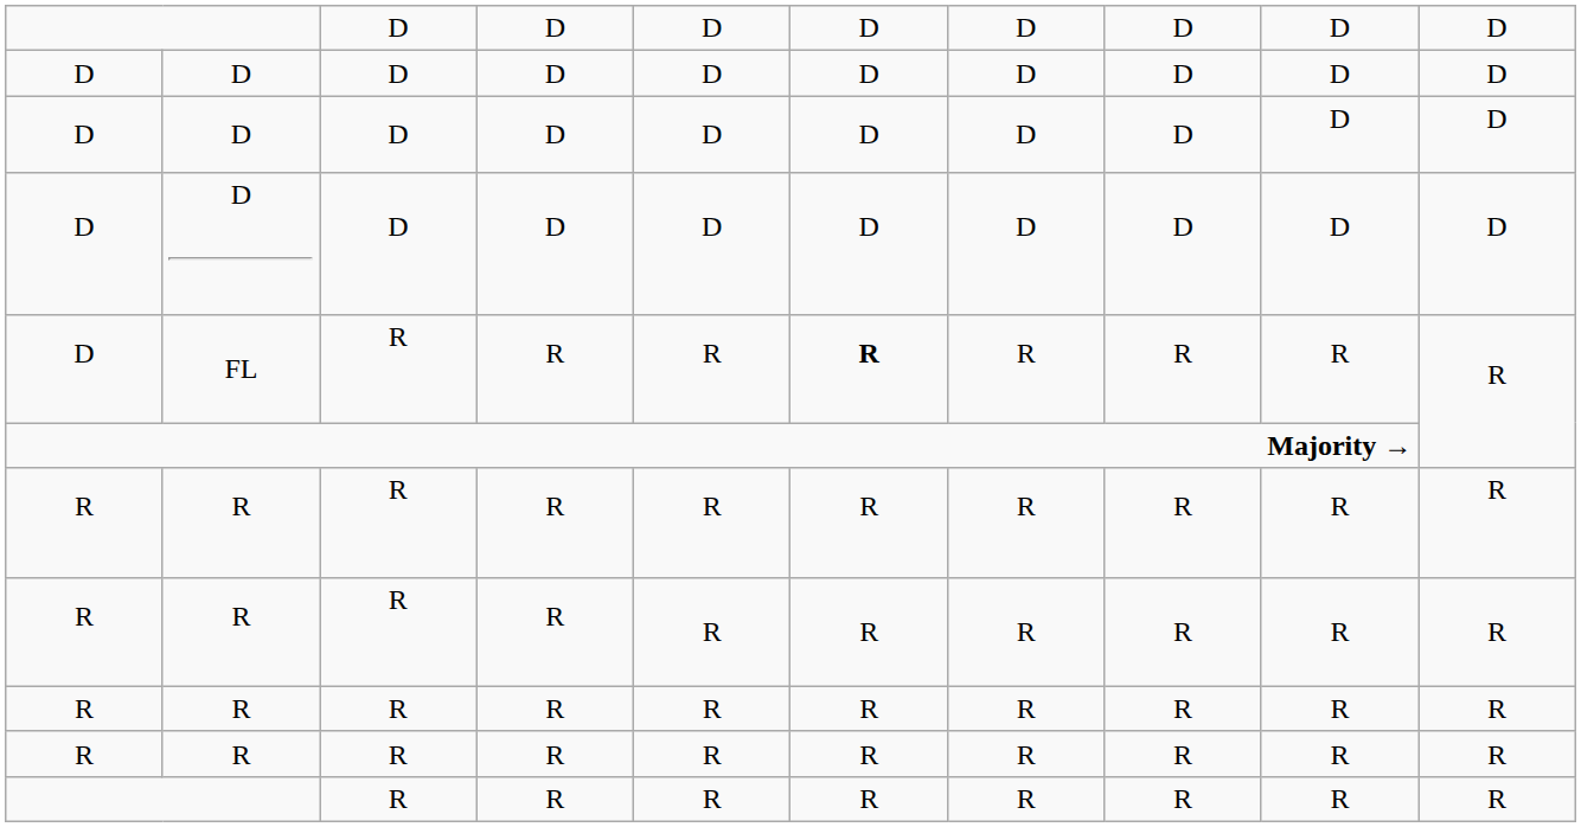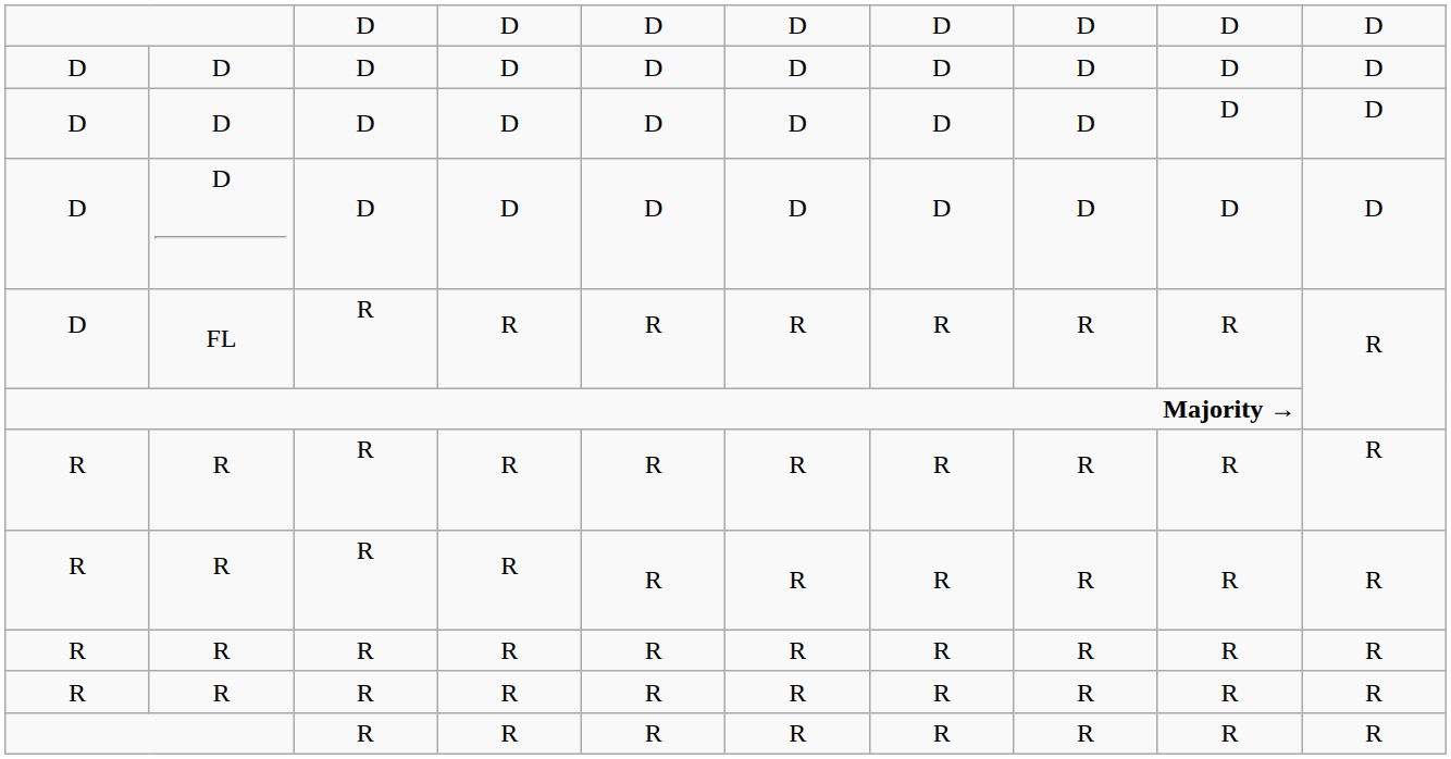 <table class="wikitable" style="text-align:center" width=100%>
 <tr>
 <td colspan=2> </td>
 <td>D</td>
 <td>D</td>
 <td>D</td>
 <td>D</td>
 <td>D</td>
 <td>D</td>
 <td>D</td>
 <td>D</td>
 </tr>
 <tr>
 <td width=10% >D</td>
 <td width=10% >D</td>
 <td width=10% >D</td>
 <td width=10% >D</td>
 <td width=10% >D</td>
 <td width=10% >D</td>
 <td width=10% >D</td>
 <td width=10% >D</td>
 <td width=10% >D</td>
 <td width=10% >D</td>
 </tr>
 <tr>
 <td>D</td>
 <td>D</td>
 <td>D</td>
 <td>D</td>
 <td>D</td>
 <td>D</td>
 <td>D</td>
 <td>D</td>
 <td>D<br><br></td>
 <td>D<br><br></td>
 </tr>
 <tr>
 <td>D<br><br></td>
 <td>D<br><br><hr><br></td>
 <td>D<br><br></td>
 <td>D<br><br></td>
 <td>D<br><br></td>
 <td>D<br><br></td>
 <td>D<br><br></td>
 <td>D<br><br></td>
 <td>D<br><br></td>
 <td>D<br><br></td>
 </tr>
 <tr>
 <td>D<br><br></td>
 <td>FL</td>
 <td>R<br><br><br></td>
 <td>R<br><br></td>
 <td>R<br><br></td>
-<td><strong>R<br><br></strong></td>
+<td>R<br><br></td>
 <td>R<br><br></td>
 <td>R<br><br></td>
 <td>R<br><br></td>
 <td rowspan=2 >R<br><br></td>
 </tr>
 <tr>
 <td colspan=9 align=right><strong>Majority →</strong></td>
 </tr>
 <tr>
 <td>R<br><br></td>
 <td>R<br><br></td>
 <td>R<br><br><br></td>
 <td>R<br><br></td>
 <td>R<br><br></td>
 <td>R<br><br></td>
 <td>R<br><br></td>
 <td>R<br><br></td>
 <td>R<br><br></td>
 <td>R<br><br><br></td>
 </tr>
 <tr>
 <td>R<br><br></td>
 <td>R<br><br></td>
 <td>R<br><br><br></td>
 <td>R<br><br></td>
 <td>R</td>
 <td>R</td>
 <td>R</td>
 <td>R</td>
 <td>R</td>
 <td>R</td>
 </tr>
 <tr>
 <td>R</td>
 <td>R</td>
 <td>R</td>
 <td>R</td>
 <td>R</td>
 <td>R</td>
 <td>R</td>
 <td>R</td>
 <td>R</td>
 <td>R</td>
 </tr>
 <tr>
 <td>R</td>
 <td>R</td>
 <td>R</td>
 <td>R</td>
 <td>R</td>
 <td>R</td>
 <td>R</td>
 <td>R</td>
 <td>R</td>
 <td>R</td>
 </tr>
 <tr>
 <td colspan=2></td>
 <td>R</td>
 <td>R</td>
 <td>R</td>
 <td>R</td>
 <td>R</td>
 <td>R</td>
 <td>R</td>
 <td>R</td>
 </tr>
 </table>
